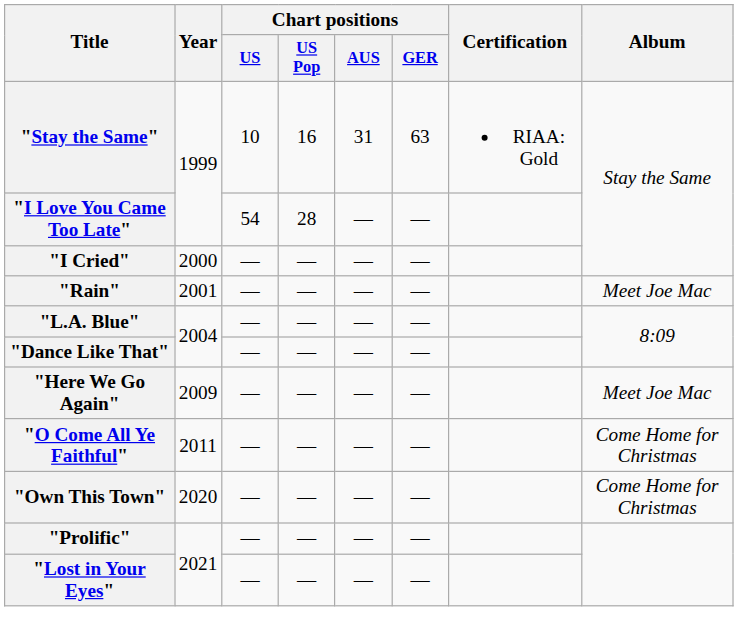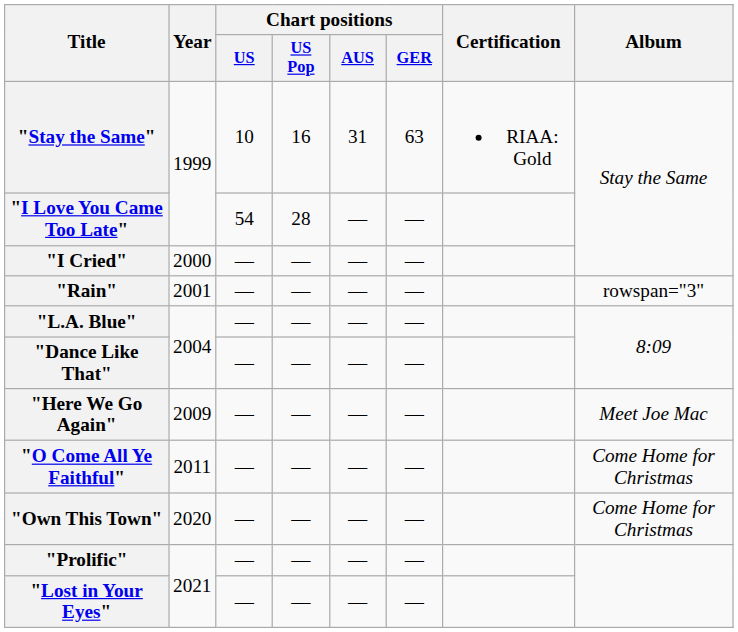 <table class="wikitable plainrowheaders" style="text-align:center;">
 <tr>
 <th rowspan="2">Title</th>
 <th rowspan="2">Year</th>
 <th colspan="4">Chart positions</th>
 <th rowspan="2">Certification</th>
 <th rowspan="2">Album</th>
 </tr>
 <tr>
 <th scope="col" style="width:3em;font-size:85%;"><a href='#'>US</a><br></th>
 <th scope="col" style="width:3em;font-size:85%;"><a href='#'>US<br>Pop</a><br></th>
 <th scope="col" style="width:3em;font-size:85%;"><a href='#'>AUS</a><br></th>
 <th scope="col" style="width:3em;font-size:85%;"><a href='#'>GER</a><br></th>
 </tr>
 <tr>
 <th scope="row">"<a href='#'>Stay the Same</a>"</th>
 <td rowspan="2">1999</td>
 <td>10</td>
 <td>16</td>
 <td>31</td>
 <td>63</td>
 <td><br><ul><li>RIAA: Gold</li></ul></td>
 <td rowspan="3"><em>Stay the Same</em></td>
 </tr>
 <tr>
 <th scope="row">"<a href='#'>I Love You Came Too Late</a>"</th>
 <td>54</td>
 <td>28</td>
 <td>—</td>
 <td>—</td>
 <td></td>
 </tr>
 <tr>
 <th scope="row">"I Cried"</th>
 <td>2000</td>
 <td>—</td>
 <td>—</td>
 <td>—</td>
 <td>—</td>
 <td></td>
 </tr>
 <tr>
 <th scope="row">"Rain"</th>
 <td>2001</td>
 <td>—</td>
 <td>—</td>
 <td>—</td>
 <td>—</td>
 <td></td>
-<td><em>Meet Joe Mac</em></td>
+<td>rowspan="3" </td>
 </tr>
 <tr>
 <th scope="row">"L.A. Blue"</th>
 <td rowspan="2">2004</td>
 <td>—</td>
 <td>—</td>
 <td>—</td>
 <td>—</td>
 <td></td>
 <td rowspan="2"><em>8:09</em></td>
 </tr>
 <tr>
 <th scope="row">"Dance Like That"</th>
 <td>—</td>
 <td>—</td>
 <td>—</td>
 <td>—</td>
 <td></td>
 </tr>
 <tr>
 <th scope="row">"Here We Go Again"</th>
 <td>2009</td>
 <td>—</td>
 <td>—</td>
 <td>—</td>
 <td>—</td>
 <td></td>
 <td><em>Meet Joe Mac</em></td>
 </tr>
 <tr>
 <th scope="row">"<a href='#'>O Come All Ye Faithful</a>"</th>
 <td>2011</td>
 <td>—</td>
 <td>—</td>
 <td>—</td>
 <td>—</td>
 <td></td>
 <td><em>Come Home for Christmas</em></td>
 </tr>
 <tr>
 <th scope="row">"Own This Town"</th>
 <td>2020</td>
 <td>—</td>
 <td>—</td>
 <td>—</td>
 <td>—</td>
 <td></td>
 <td><em>Come Home for Christmas</em></td>
 </tr>
 <tr>
 <th scope="row">"Prolific"</th>
 <td rowspan="2">2021</td>
 <td>—</td>
 <td>—</td>
 <td>—</td>
 <td>—</td>
 <td></td>
 </tr>
 <tr>
 <th scope="row">"<a href='#'>Lost in Your Eyes</a>"<br></th>
 <td>—</td>
 <td>—</td>
 <td>—</td>
 <td>—</td>
 <td></td>
 </tr>
 </table>
